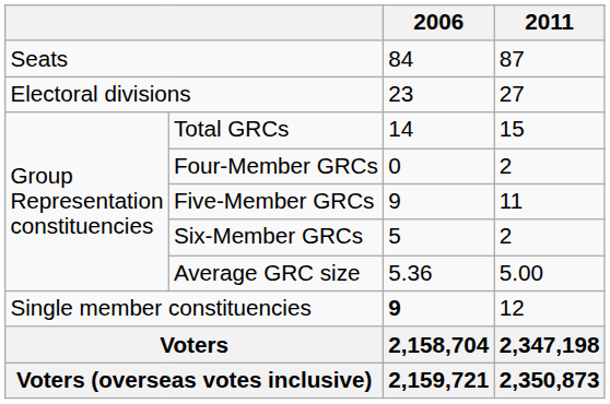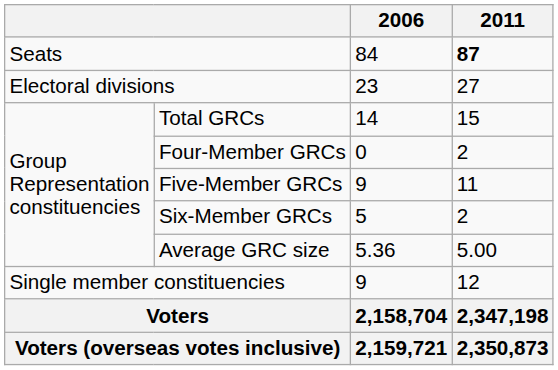 <table class="wikitable" style=>
 <tr>
 <th colspan="2"></th>
 <th style="width:50px;">2006</th>
 <th style="width:50px;">2011</th>
 </tr>
 <tr>
 <td colspan="2">Seats</td>
 <td><div>84</div></td>
-<td><div>87</div></td>
+<td><strong><div>87</div></strong></td>
 </tr>
 <tr>
 <td colspan="2">Electoral divisions</td>
 <td><div>23</div></td>
 <td><div>27</div></td>
 </tr>
 <tr>
 <td rowspan="5">Group<br>Representation<br>constituencies</td>
 <td>Total GRCs</td>
 <td><div>14</div></td>
 <td><div>15</div></td>
 </tr>
 <tr>
 <td>Four-Member GRCs</td>
 <td>0</td>
 <td>2</td>
 </tr>
 <tr>
 <td>Five-Member GRCs</td>
 <td>9</td>
 <td>11</td>
 </tr>
 <tr>
 <td>Six-Member GRCs</td>
 <td>5</td>
 <td>2</td>
 </tr>
 <tr>
 <td>Average GRC size</td>
 <td>5.36</td>
 <td>5.00</td>
 </tr>
 <tr>
 <td colspan=2>Single member constituencies</td>
-<td><strong>9</strong></td>
+<td>9</td>
 <td>12</td>
 </tr>
 <tr>
 <th colspan="2">Voters</th>
 <th><div>2,158,704</div></th>
 <th><div>2,347,198</div></th>
 </tr>
 <tr>
 <th colspan="2">Voters (overseas votes inclusive)</th>
 <th><div> 2,159,721</div></th>
 <th><div>2,350,873</div></th>
 </tr>
 </table>
